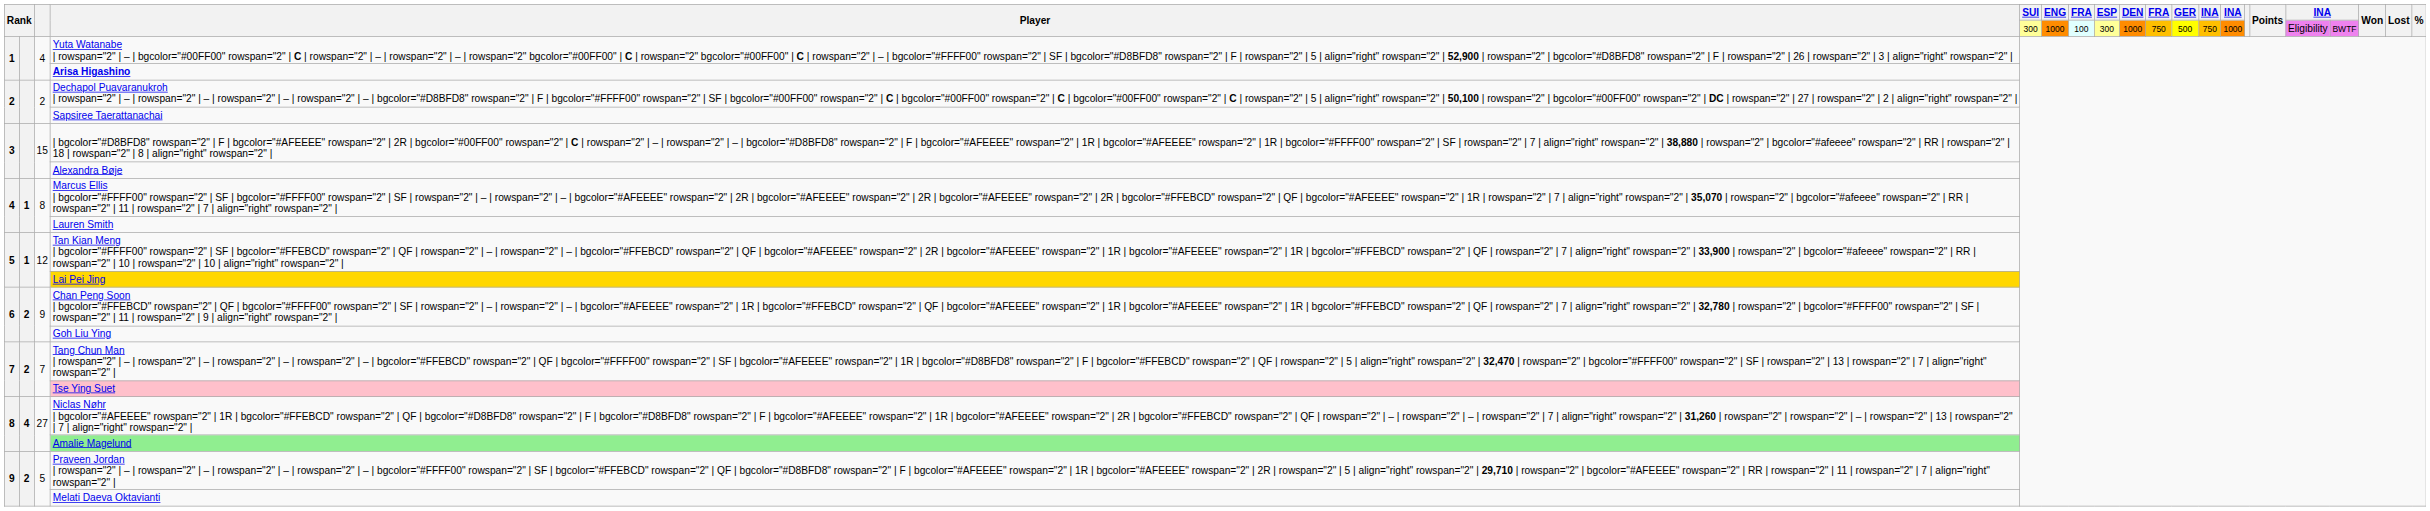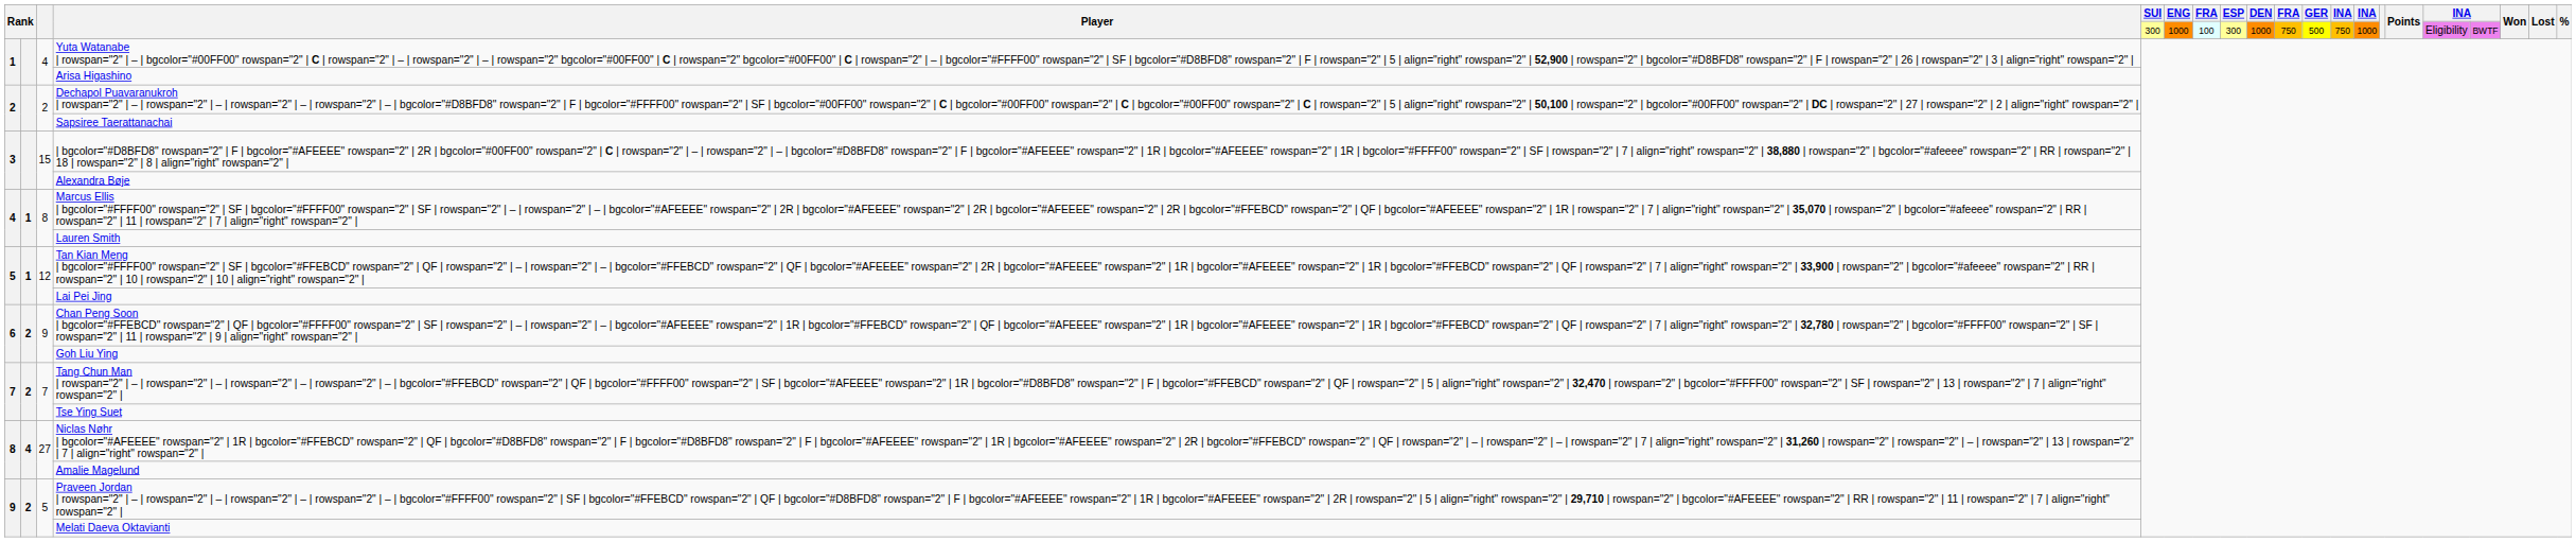 <table class="wikitable" style="font-size:85%; text-align:center">
 <tr>
 <th colspan="2" rowspan="2" width="50">Rank</th>
 <th rowspan="2" width="50"></th>
 <th rowspan="2" width="175">Player</th>
 <th><a href='#'>SUI</a></th>
 <th><a href='#'>ENG</a></th>
 <th><a href='#'>FRA</a></th>
 <th><a href='#'>ESP</a></th>
 <th><a href='#'>DEN</a></th>
 <th><a href='#'>FRA</a></th>
 <th><a href='#'>GER</a></th>
 <th><a href='#'>INA</a></th>
 <th><a href='#'>INA</a></th>
 <th rowspan="2" width="50"></th>
 <th rowspan="2" width="50">Points</th>
 <th colspan="2"><a href='#'>INA</a></th>
 <th rowspan="2" width="50">Won</th>
 <th rowspan="2" width="50">Lost</th>
 <th rowspan="2" width="50">%</th>
 </tr>
 <tr>
 <td bgcolor="#FFFF99"><small>300</small></td>
 <td bgcolor="#FF8C00"><small>1000</small></td>
 <td bgcolor="#E0FFFF"><small>100</small></td>
 <td bgcolor="#FFFF99"><small>300</small></td>
 <td bgcolor="#FF8C00"><small>1000</small></td>
 <td bgcolor="#FFBF00"><small>750</small></td>
 <td bgcolor="#FFFF00"><small>500</small></td>
 <td bgcolor="#FFBF00"><small>750</small></td>
 <td bgcolor="#FF8C00"><small>1000</small></td>
 <td bgcolor="#EE82EE">Eligibility</td>
 <td bgcolor="#EE82EE"><small>BWTF</small></td>
 </tr>
 <tr>
 <th rowspan="2">1</th>
 <th rowspan="2"></th>
 <td rowspan="2">4</td>
 <td align="left"> <a href='#'>Yuta Watanabe</a><br>| rowspan="2" | – | bgcolor="#00FF00" rowspan="2" | <strong>C</strong> | rowspan="2" | – | rowspan="2" | – | rowspan="2" bgcolor="#00FF00" | <strong>C</strong> | rowspan="2" bgcolor="#00FF00" | <strong>C</strong> | rowspan="2" | – | bgcolor="#FFFF00" rowspan="2" | SF | bgcolor="#D8BFD8" rowspan="2" | F | rowspan="2" | 5 | align="right" rowspan="2" | <strong>52,900</strong> | rowspan="2"   | bgcolor="#D8BFD8" rowspan="2" | F | rowspan="2" | 26 | rowspan="2" | 3 | align="right" rowspan="2" | </td>
 </tr>
 <tr>
-<td align="left"><strong> <a href='#'>Arisa Higashino</a></strong></td>
+<td align="left"> <a href='#'>Arisa Higashino</a></td>
 </tr>
 <tr>
 <th rowspan="2">2</th>
 <th rowspan="2"></th>
 <td rowspan="2">2</td>
 <td align="left" nowrap> <a href='#'>Dechapol Puavaranukroh</a><br>| rowspan="2" | – | rowspan="2" | – | rowspan="2" | – | rowspan="2" | – | bgcolor="#D8BFD8" rowspan="2" | F | bgcolor="#FFFF00" rowspan="2" | SF | bgcolor="#00FF00" rowspan="2" | <strong>C</strong> | bgcolor="#00FF00" rowspan="2" | <strong>C</strong> | bgcolor="#00FF00" rowspan="2" | <strong>C</strong> | rowspan="2" | 5 | align="right" rowspan="2" | <strong>50,100</strong> | rowspan="2"   | bgcolor="#00FF00" rowspan="2" | <strong>DC</strong> | rowspan="2" | 27 | rowspan="2" | 2 | align="right" rowspan="2" | </td>
 </tr>
 <tr>
 <td align="left"> <a href='#'>Sapsiree Taerattanachai</a></td>
 </tr>
 <tr>
 <th rowspan="2">3</th>
 <th rowspan="2"></th>
 <td rowspan="2">15</td>
 <td align="left"><br>| bgcolor="#D8BFD8" rowspan="2" | F | bgcolor="#AFEEEE" rowspan="2" | 2R | bgcolor="#00FF00" rowspan="2" | <strong>C</strong> | rowspan="2" | – | rowspan="2" | – | bgcolor="#D8BFD8" rowspan="2" | F | bgcolor="#AFEEEE" rowspan="2" | 1R | bgcolor="#AFEEEE" rowspan="2" | 1R | bgcolor="#FFFF00" rowspan="2" | SF | rowspan="2" | 7 | align="right" rowspan="2" | <strong>38,880</strong> | rowspan="2"   | bgcolor="#afeeee" rowspan="2" | RR | rowspan="2" | 18 | rowspan="2" | 8 | align="right" rowspan="2" | </td>
 </tr>
 <tr>
 <td align="left"> <a href='#'>Alexandra Bøje</a></td>
 </tr>
 <tr>
 <th rowspan="2">4</th>
 <th rowspan="2"> 1</th>
 <td rowspan="2">8</td>
 <td align="left"> <a href='#'>Marcus Ellis</a><br>| bgcolor="#FFFF00" rowspan="2" | SF | bgcolor="#FFFF00" rowspan="2" | SF | rowspan="2" | – | rowspan="2" | – | bgcolor="#AFEEEE" rowspan="2" | 2R | bgcolor="#AFEEEE" rowspan="2" | 2R | bgcolor="#AFEEEE" rowspan="2" | 2R | bgcolor="#FFEBCD" rowspan="2" | QF | bgcolor="#AFEEEE" rowspan="2" | 1R | rowspan="2" | 7 | align="right" rowspan="2" | <strong>35,070</strong> | rowspan="2"    | bgcolor="#afeeee" rowspan="2" | RR | rowspan="2" | 11 | rowspan="2" | 7 | align="right" rowspan="2" | </td>
 </tr>
 <tr>
 <td align="left"> <a href='#'>Lauren Smith</a></td>
 </tr>
 <tr>
 <th rowspan="2">5</th>
 <th rowspan="2"> 1</th>
 <td rowspan="2">12</td>
 <td align="left"> <a href='#'>Tan Kian Meng</a><br>| bgcolor="#FFFF00" rowspan="2" | SF | bgcolor="#FFEBCD" rowspan="2" | QF | rowspan="2" | – | rowspan="2" | – | bgcolor="#FFEBCD" rowspan="2" | QF | bgcolor="#AFEEEE" rowspan="2" | 2R | bgcolor="#AFEEEE" rowspan="2" | 1R | bgcolor="#AFEEEE" rowspan="2" | 1R | bgcolor="#FFEBCD" rowspan="2" | QF | rowspan="2" | 7 | align="right" rowspan="2" | <strong>33,900</strong> | rowspan="2"   | bgcolor="#afeeee" rowspan="2" | RR | rowspan="2" | 10 | rowspan="2" | 10 | align="right" rowspan="2" | </td>
 </tr>
 <tr>
-<td align="left" style="background: gold;"> <a href='#'>Lai Pei Jing</a></td>
+<td align="left"> <a href='#'>Lai Pei Jing</a></td>
 </tr>
 <tr>
 <th rowspan="2">6</th>
 <th rowspan="2"> 2</th>
 <td rowspan="2">9</td>
 <td align="left"> <a href='#'>Chan Peng Soon</a><br>| bgcolor="#FFEBCD" rowspan="2" | QF | bgcolor="#FFFF00" rowspan="2" | SF | rowspan="2" | – | rowspan="2" | – | bgcolor="#AFEEEE" rowspan="2" | 1R | bgcolor="#FFEBCD" rowspan="2" | QF | bgcolor="#AFEEEE" rowspan="2" | 1R | bgcolor="#AFEEEE" rowspan="2" | 1R |  bgcolor="#FFEBCD" rowspan="2" | QF | rowspan="2" | 7 | align="right" rowspan="2" | <strong>32,780</strong> | rowspan="2"   | bgcolor="#FFFF00" rowspan="2" | SF | rowspan="2" | 11 | rowspan="2" | 9 | align="right" rowspan="2" | </td>
 </tr>
 <tr>
 <td align="left"> <a href='#'>Goh Liu Ying</a></td>
 </tr>
 <tr>
 <th rowspan="2">7</th>
 <th rowspan="2"> 2</th>
 <td rowspan="2">7</td>
 <td align="left"> <a href='#'>Tang Chun Man</a><br>| rowspan="2" | – | rowspan="2" | – | rowspan="2" | – | rowspan="2" | – | bgcolor="#FFEBCD" rowspan="2" | QF | bgcolor="#FFFF00" rowspan="2" | SF | bgcolor="#AFEEEE" rowspan="2" | 1R | bgcolor="#D8BFD8" rowspan="2" | F | bgcolor="#FFEBCD" rowspan="2" | QF | rowspan="2" | 5 | align="right" rowspan="2" | <strong>32,470</strong> | rowspan="2"   | bgcolor="#FFFF00" rowspan="2" | SF | rowspan="2" | 13 | rowspan="2" | 7 | align="right" rowspan="2" | </td>
 </tr>
 <tr>
-<td align="left" style="background: pink;"> <a href='#'>Tse Ying Suet</a></td>
+<td align="left"> <a href='#'>Tse Ying Suet</a></td>
 </tr>
 <tr>
 <th rowspan="2">8</th>
 <th rowspan="2"> 4</th>
 <td rowspan="2">27</td>
 <td align="left"> <a href='#'>Niclas Nøhr</a><br>| bgcolor="#AFEEEE" rowspan="2" | 1R | bgcolor="#FFEBCD" rowspan="2" | QF | bgcolor="#D8BFD8" rowspan="2" | F | bgcolor="#D8BFD8" rowspan="2" | F | bgcolor="#AFEEEE" rowspan="2" | 1R | bgcolor="#AFEEEE" rowspan="2" | 2R | bgcolor="#FFEBCD" rowspan="2" | QF | rowspan="2" | – | rowspan="2" | – | rowspan="2" | 7 | align="right" rowspan="2" | <strong>31,260</strong> | rowspan="2"  | rowspan="2" | – | rowspan="2" | 13 | rowspan="2" | 7 | align="right" rowspan="2" | </td>
 </tr>
 <tr>
-<td align="left" style="background: lightgreen;"> <a href='#'>Amalie Magelund</a></td>
+<td align="left"> <a href='#'>Amalie Magelund</a></td>
 </tr>
 <tr>
 <th rowspan="2">9</th>
 <th rowspan="2"> 2</th>
 <td rowspan="2">5</td>
 <td align="left"> <a href='#'>Praveen Jordan</a><br>| rowspan="2" | – | rowspan="2" | – | rowspan="2" | – | rowspan="2" | – | bgcolor="#FFFF00" rowspan="2" | SF | bgcolor="#FFEBCD" rowspan="2" | QF | bgcolor="#D8BFD8" rowspan="2" | F | bgcolor="#AFEEEE" rowspan="2" | 1R | bgcolor="#AFEEEE" rowspan="2" | 2R | rowspan="2" | 5 | align="right" rowspan="2" | <strong>29,710</strong> | rowspan="2"   | bgcolor="#AFEEEE" rowspan="2" | RR | rowspan="2" | 11 | rowspan="2" | 7 | align="right" rowspan="2" | </td>
 </tr>
 <tr>
 <td align="left"> <a href='#'>Melati Daeva Oktavianti</a></td>
 </tr>
 </table>
